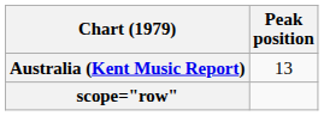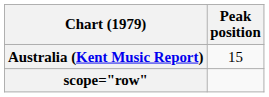 <table class="wikitable sortable plainrowheaders">
 <tr>
 <th scope="col">Chart (1979)</th>
 <th scope="col">Peak<br>position</th>
 </tr>
 <tr>
 <th scope="row">Australia (<a href='#'>Kent Music Report</a>)</th>
-<td style="text-align:center;">13</td>
+<td style="text-align:center;">15</td>
 </tr>
 <tr>
 <th>scope="row"</th>
 </tr>
 </table>
